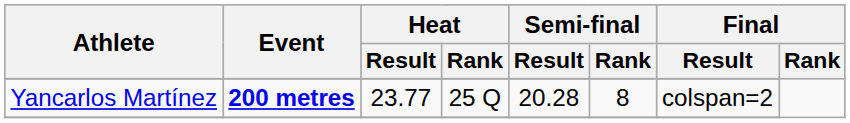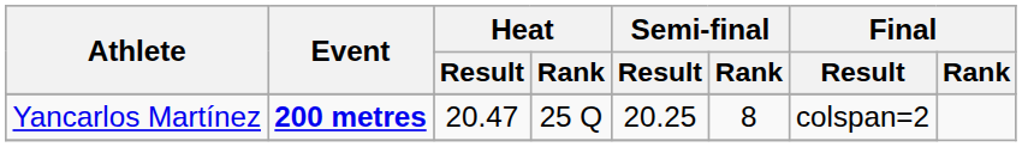 <table class="wikitable" style="font-size:90%">
 <tr>
 <th rowspan="2">Athlete</th>
 <th rowspan="2">Event</th>
 <th colspan="2">Heat</th>
 <th colspan="2">Semi-final</th>
 <th colspan="2">Final</th>
 </tr>
 <tr style="font-size:95%">
 <th>Result</th>
 <th>Rank</th>
 <th>Result</th>
 <th>Rank</th>
 <th>Result</th>
 <th>Rank</th>
 </tr>
 <tr>
 </tr>
 <tr style=text-align:center>
 <td style=text-align:left><a href='#'>Yancarlos Martínez</a></td>
 <td style=text-align:left><strong><a href='#'>200 metres</a></strong></td>
-<td>23.77</td>
+<td>20.47</td>
 <td>25 Q</td>
-<td>20.28 </td>
+<td>20.25 </td>
 <td>8</td>
 <td>colspan=2 </td>
 </tr>
 <tr>
 </tr>
 </table>
